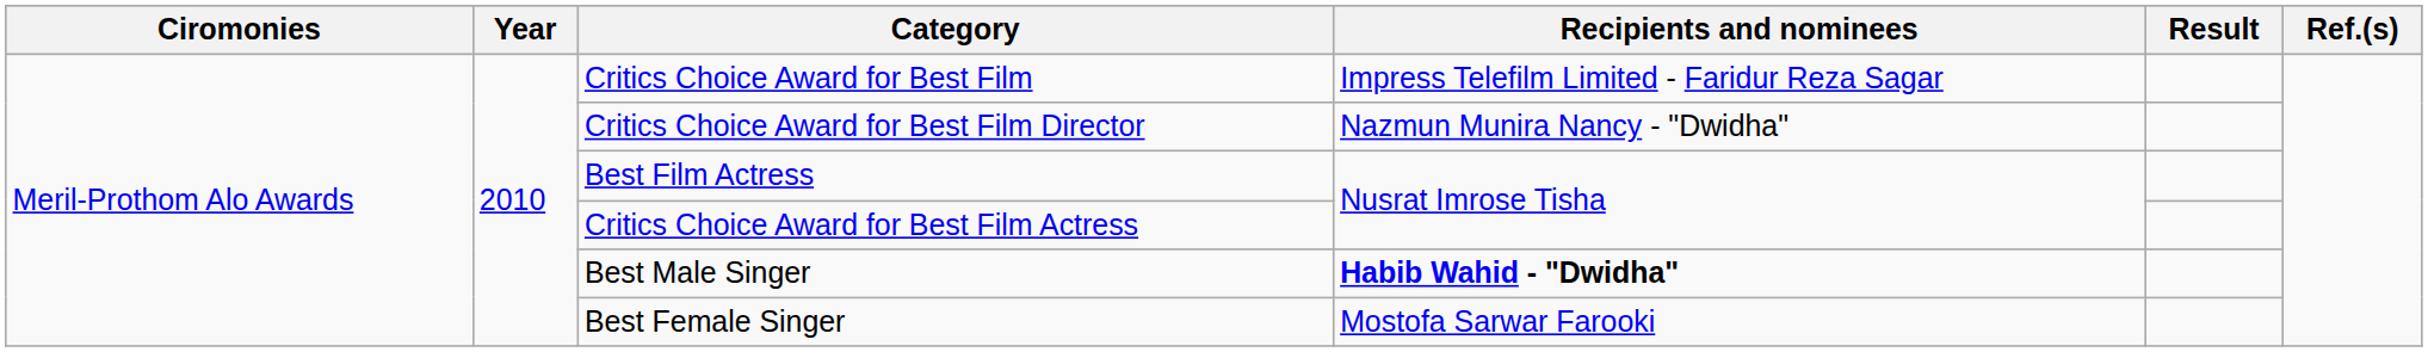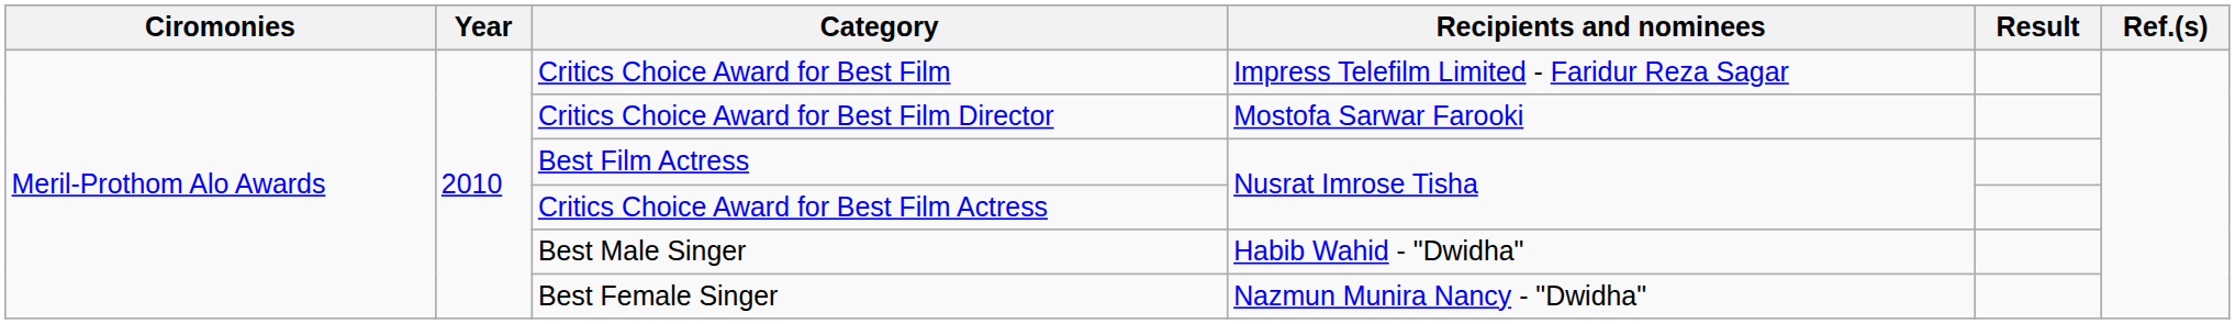 <table class="wikitable sortable" width="99%" style=font-size:96%>
 <tr style="background:#ccc;">
 <th>Ciromonies</th>
 <th>Year</th>
 <th>Category</th>
 <th>Recipients and nominees</th>
 <th>Result</th>
 <th>Ref.(s)</th>
 </tr>
 <tr>
 <td rowspan="6"><a href='#'>Meril-Prothom Alo Awards</a></td>
 <td rowspan="6"><a href='#'>2010</a></td>
 <td><a href='#'>Critics Choice Award for Best Film</a></td>
 <td><a href='#'>Impress Telefilm Limited</a> - <a href='#'>Faridur Reza Sagar</a></td>
 <td></td>
 <td rowspan="6"></td>
 </tr>
 <tr>
 <td><a href='#'>Critics Choice Award for Best Film Director</a></td>
-<td><a href='#'>Nazmun Munira Nancy</a> - "Dwidha"</td>
+<td><a href='#'>Mostofa Sarwar Farooki</a></td>
 <td></td>
 </tr>
 <tr>
 <td><a href='#'>Best Film Actress</a></td>
 <td rowspan="2"><a href='#'>Nusrat Imrose Tisha</a></td>
 <td></td>
 </tr>
 <tr>
 <td><a href='#'>Critics Choice Award for Best Film Actress</a></td>
 <td></td>
 </tr>
 <tr>
 <td>Best Male Singer</td>
-<td><strong><a href='#'>Habib Wahid</a> - "Dwidha"</strong></td>
+<td><a href='#'>Habib Wahid</a> - "Dwidha"</td>
 <td></td>
 </tr>
 <tr>
 <td>Best Female Singer</td>
-<td><a href='#'>Mostofa Sarwar Farooki</a></td>
+<td><a href='#'>Nazmun Munira Nancy</a> - "Dwidha"</td>
 <td></td>
 </tr>
 </table>
